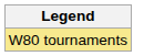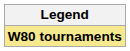 <table class="wikitable" style=font-size:85%;>
 <tr>
 <th>Legend</th>
 </tr>
 <tr style="background:#f7e98e;">
-<td>W80 tournaments</td>
+<td><strong>W80 tournaments</strong></td>
 </tr>
 </table>
